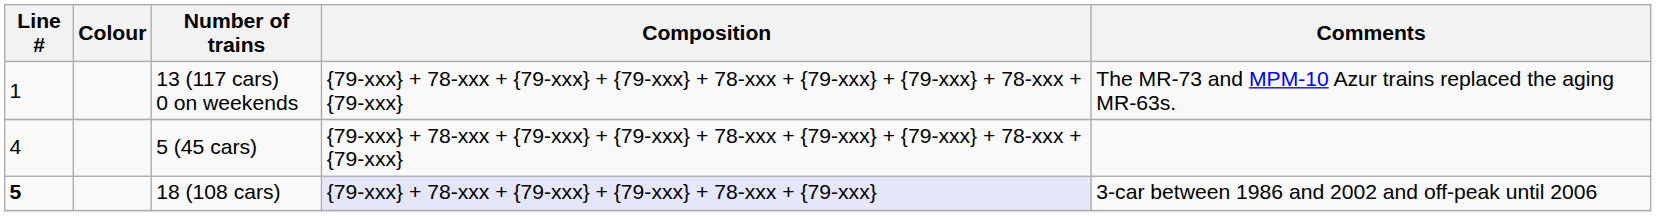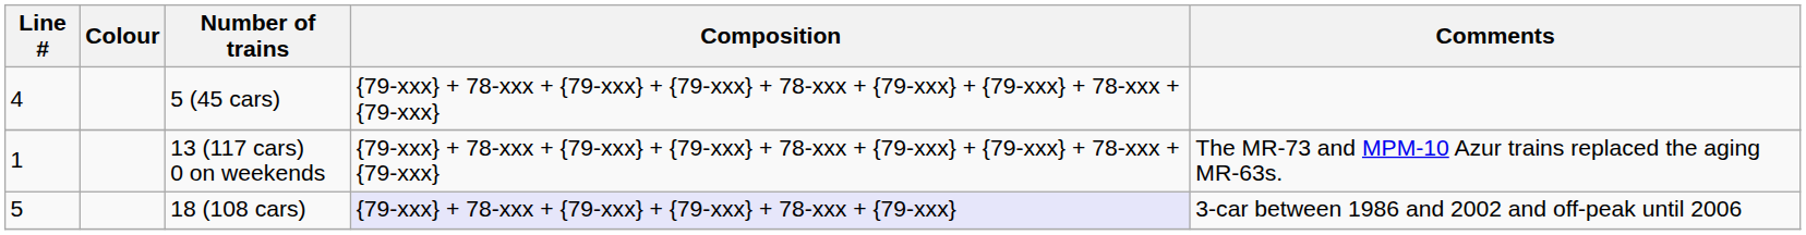 <table class="wikitable">
 <tr>
 <th>Line #</th>
 <th>Colour</th>
 <th>Number of trains</th>
 <th>Composition</th>
 <th>Comments</th>
 </tr>
 <tr>
+<td>4</td>
+<td style="background: #"></td>
+<td>5 (45 cars)</td>
+<td>{79-xxx} + 78-xxx + {79-xxx} + {79-xxx} + 78-xxx + {79-xxx} + {79-xxx} + 78-xxx + {79-xxx}</td>
+<td></td>
+</tr>
+<tr>
+</tr>
+<tr>
 <td>1</td>
 <td style="color: white; background-color: #"></td>
 <td>13 (117 cars)<br>0 on weekends</td>
 <td>{79-xxx} + 78-xxx + {79-xxx} + {79-xxx} + 78-xxx + {79-xxx} + {79-xxx} + 78-xxx + {79-xxx}</td>
 <td>The MR-73 and <a href='#'>MPM-10</a> Azur trains replaced the aging MR-63s.</td>
 </tr>
 <tr>
-</tr>
-<tr>
-<td>4</td>
-<td style="background: #"></td>
-<td>5 (45 cars)</td>
-<td>{79-xxx} + 78-xxx + {79-xxx} + {79-xxx} + 78-xxx + {79-xxx} + {79-xxx} + 78-xxx + {79-xxx}</td>
-<td></td>
-</tr>
-<tr>
-<td><strong>5</strong></td>
+<td>5</td>
 <td style="background: #"></td>
 <td>18 (108 cars)</td>
 <td style="background: lavender;">{79-xxx} + 78-xxx + {79-xxx} + {79-xxx} + 78-xxx + {79-xxx}</td>
 <td>3-car between 1986 and 2002 and off-peak until 2006</td>
 </tr>
 <tr>
 </tr>
 </table>
